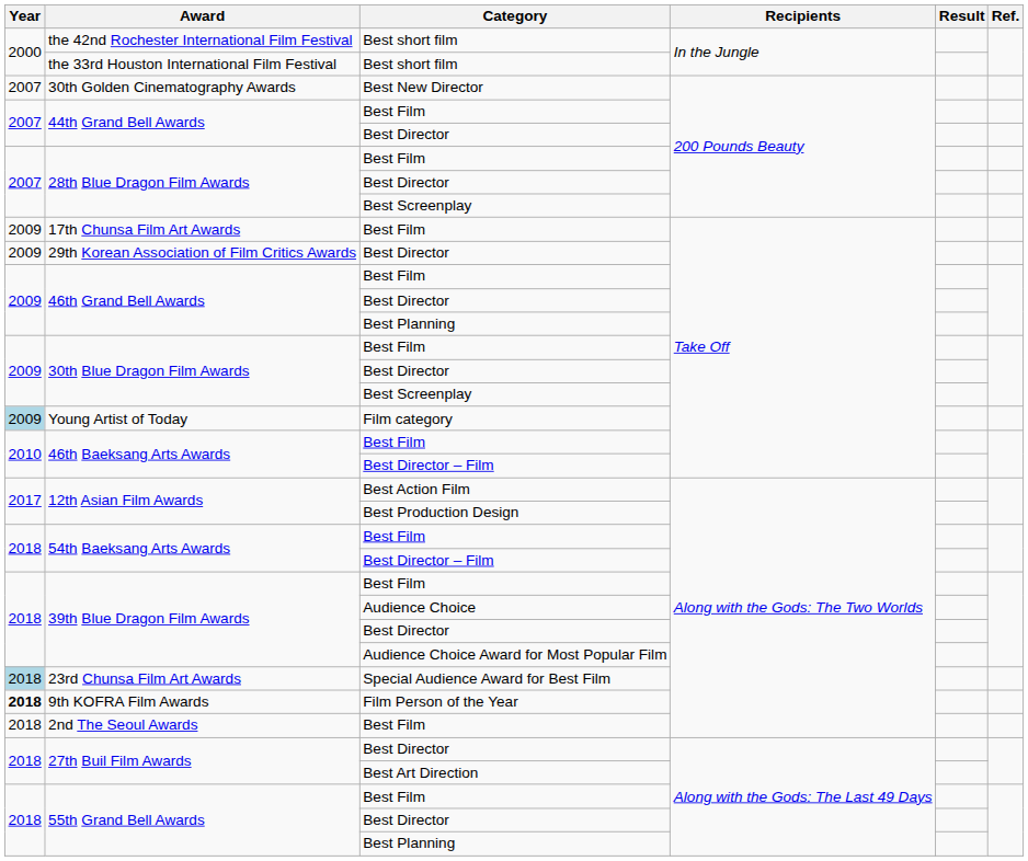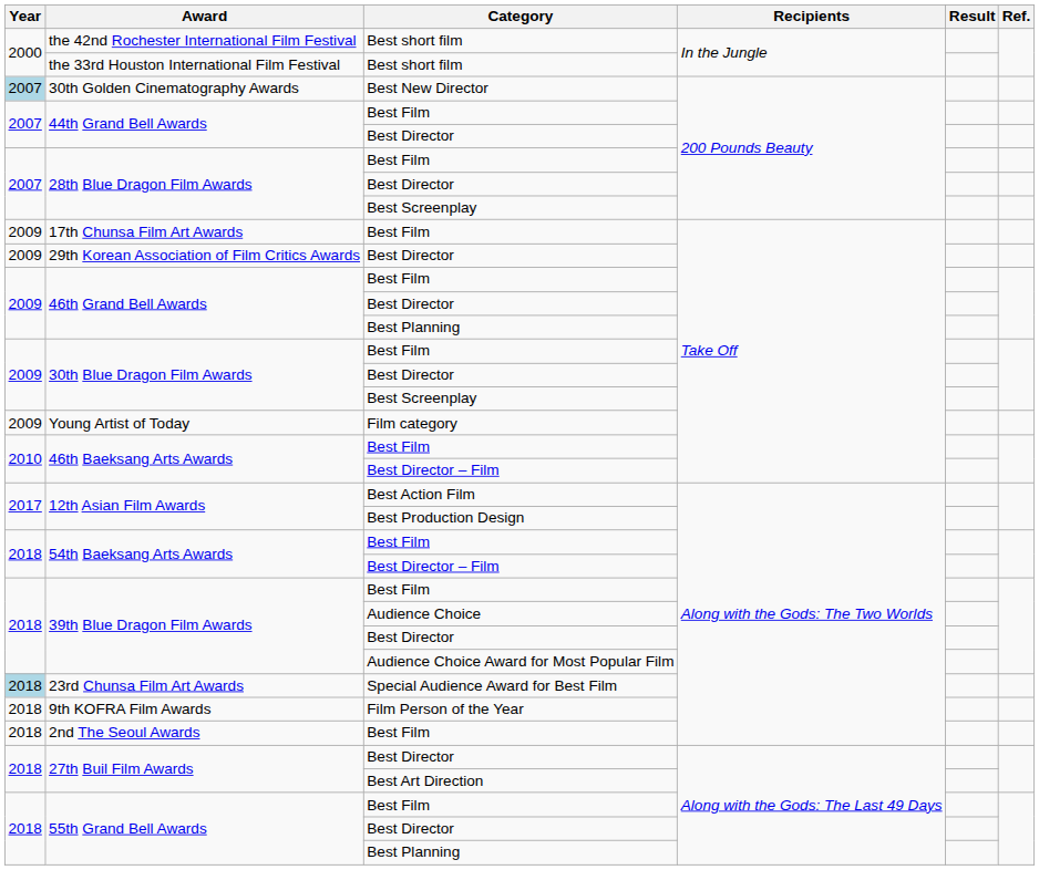 <table class="wikitable plainrowheaders sortable">
 <tr>
 <th>Year</th>
 <th>Award</th>
 <th>Category</th>
 <th>Recipients</th>
 <th>Result</th>
 <th>Ref.</th>
 </tr>
 <tr>
 <td rowspan="2">2000</td>
 <td>the 42nd <a href='#'>Rochester International Film Festival</a></td>
 <td>Best short film</td>
 <td rowspan="2"><em>In the Jungle</em></td>
 <td></td>
 <td rowspan="2"></td>
 </tr>
 <tr>
 <td>the 33rd Houston International Film Festival</td>
 <td>Best short film</td>
 <td></td>
 </tr>
 <tr>
-<td>2007</td>
+<td style="background: lightblue;">2007</td>
 <td>30th Golden Cinematography Awards</td>
 <td>Best New Director</td>
 <td rowspan="6"><em><a href='#'>200 Pounds Beauty</a></em></td>
 <td></td>
 <td></td>
 </tr>
 <tr>
 <td rowspan="2"><a href='#'>2007</a></td>
 <td rowspan="2"><a href='#'>44th</a> <a href='#'>Grand Bell Awards</a></td>
 <td>Best Film</td>
 <td></td>
 <td></td>
 </tr>
 <tr>
 <td>Best Director</td>
 <td></td>
 <td></td>
 </tr>
 <tr>
 <td rowspan="3"><a href='#'>2007</a></td>
 <td rowspan="3"><a href='#'>28th</a> <a href='#'>Blue Dragon Film Awards</a></td>
 <td>Best Film</td>
 <td></td>
 <td></td>
 </tr>
 <tr>
 <td>Best Director</td>
 <td></td>
 <td></td>
 </tr>
 <tr>
 <td>Best Screenplay</td>
 <td></td>
 <td></td>
 </tr>
 <tr>
 <td>2009</td>
 <td>17th <a href='#'>Chunsa Film Art Awards</a></td>
 <td>Best Film</td>
 <td rowspan="11"><em><a href='#'>Take Off</a></em></td>
 <td></td>
 <td></td>
 </tr>
 <tr>
 <td>2009</td>
 <td>29th <a href='#'>Korean Association of Film Critics Awards</a></td>
 <td>Best Director</td>
 <td></td>
 <td></td>
 </tr>
 <tr>
 <td rowspan="3"><a href='#'>2009</a></td>
 <td rowspan="3"><a href='#'>46th</a> <a href='#'>Grand Bell Awards</a></td>
 <td>Best Film</td>
 <td></td>
 <td rowspan="3"></td>
 </tr>
 <tr>
 <td>Best Director</td>
 <td></td>
 </tr>
 <tr>
 <td>Best Planning</td>
 <td></td>
 </tr>
 <tr>
 <td rowspan="3"><a href='#'>2009</a></td>
 <td rowspan="3"><a href='#'>30th</a> <a href='#'>Blue Dragon Film Awards</a></td>
 <td>Best Film</td>
 <td></td>
 <td rowspan="3"></td>
 </tr>
 <tr>
 <td>Best Director</td>
 <td></td>
 </tr>
 <tr>
 <td>Best Screenplay</td>
 <td></td>
 </tr>
 <tr>
-<td style="background: lightblue;">2009</td>
+<td>2009</td>
 <td>Young Artist of Today</td>
 <td>Film category</td>
 <td></td>
 <td></td>
 </tr>
 <tr>
 <td rowspan="2"><a href='#'>2010</a></td>
 <td rowspan="2"><a href='#'>46th</a> <a href='#'>Baeksang Arts Awards</a></td>
 <td><a href='#'>Best Film</a></td>
 <td></td>
 <td rowspan="2"></td>
 </tr>
 <tr>
 <td><a href='#'>Best Director – Film</a></td>
 <td></td>
 </tr>
 <tr>
 <td rowspan="2"><a href='#'>2017</a></td>
 <td rowspan="2"><a href='#'>12th</a> <a href='#'>Asian Film Awards</a></td>
 <td>Best Action Film</td>
 <td rowspan="11"><em><a href='#'>Along with the Gods: The Two Worlds</a></em></td>
 <td></td>
 <td rowspan="2"></td>
 </tr>
 <tr>
 <td>Best Production Design</td>
 <td></td>
 </tr>
 <tr>
 <td rowspan="2"><a href='#'>2018</a></td>
 <td rowspan="2"><a href='#'>54th</a> <a href='#'>Baeksang Arts Awards</a></td>
 <td><a href='#'>Best Film</a></td>
 <td></td>
 <td rowspan="2"></td>
 </tr>
 <tr>
 <td><a href='#'>Best Director – Film</a></td>
 <td></td>
 </tr>
 <tr>
 <td rowspan="4"><a href='#'>2018</a></td>
 <td rowspan="4"><a href='#'>39th</a> <a href='#'>Blue Dragon Film Awards</a></td>
 <td>Best Film</td>
 <td></td>
 <td rowspan="4"></td>
 </tr>
 <tr>
 <td>Audience Choice</td>
 <td></td>
 </tr>
 <tr>
 <td>Best Director</td>
 <td></td>
 </tr>
 <tr>
 <td>Audience Choice Award for Most Popular Film</td>
 <td></td>
 </tr>
 <tr>
 <td style="background: lightblue;">2018</td>
 <td>23rd <a href='#'>Chunsa Film Art Awards</a></td>
 <td>Special Audience Award for Best Film</td>
 <td></td>
 <td></td>
 </tr>
 <tr>
-<td><strong>2018</strong></td>
+<td>2018</td>
 <td>9th KOFRA Film Awards</td>
 <td>Film Person of the Year</td>
 <td></td>
 <td></td>
 </tr>
 <tr>
 <td>2018</td>
 <td>2nd <a href='#'>The Seoul Awards</a></td>
 <td>Best Film</td>
 <td></td>
 <td></td>
 </tr>
 <tr>
 <td rowspan="2"><a href='#'>2018</a></td>
 <td rowspan="2"><a href='#'>27th</a> <a href='#'>Buil Film Awards</a></td>
 <td>Best Director</td>
 <td rowspan="5"><em><a href='#'>Along with the Gods: The Last 49 Days</a></em></td>
 <td></td>
 <td rowspan="2"></td>
 </tr>
 <tr>
 <td>Best Art Direction</td>
 <td></td>
 </tr>
 <tr>
 <td rowspan="3"><a href='#'>2018</a></td>
 <td rowspan="3"><a href='#'>55th</a> <a href='#'>Grand Bell Awards</a></td>
 <td>Best Film</td>
 <td></td>
 <td rowspan="3"></td>
 </tr>
 <tr>
 <td>Best Director</td>
 <td></td>
 </tr>
 <tr>
 <td>Best Planning</td>
 <td></td>
 </tr>
 </table>
